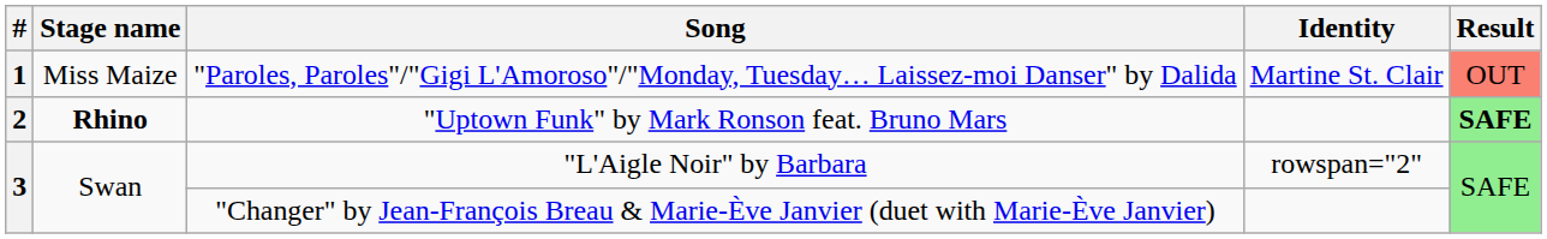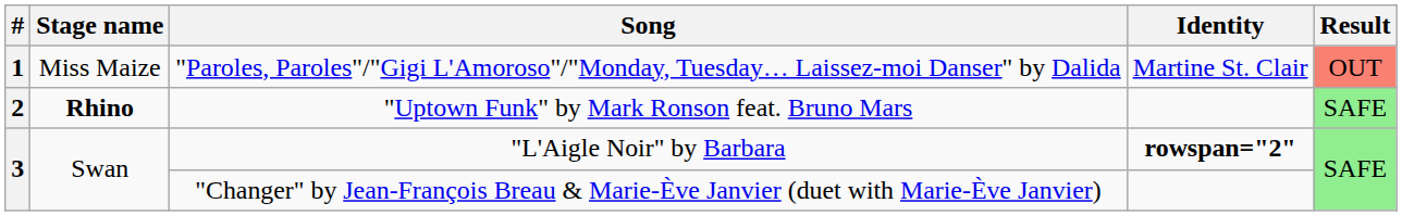 <table class="wikitable plainrowheaders" style="text-align: center;">
 <tr>
 <th>#</th>
 <th>Stage name</th>
 <th>Song</th>
 <th>Identity</th>
 <th>Result</th>
 </tr>
 <tr>
 <th>1</th>
 <td>Miss Maize</td>
 <td>"<a href='#'>Paroles, Paroles</a>"/"<a href='#'>Gigi L'Amoroso</a>"/"<a href='#'>Monday, Tuesday… Laissez‐moi Danser</a>" by <a href='#'>Dalida</a></td>
 <td><a href='#'>Martine St. Clair</a></td>
 <td bgcolor="salmon">OUT</td>
 </tr>
 <tr>
 <th>2</th>
 <td><strong>Rhino</strong></td>
 <td>"<a href='#'>Uptown Funk</a>" by <a href='#'>Mark Ronson</a> feat. <a href='#'>Bruno Mars</a></td>
 <td></td>
-<td bgcolor="lightgreen"><strong>SAFE</strong></td>
+<td bgcolor="lightgreen">SAFE</td>
 </tr>
 <tr>
 <th rowspan="2">3</th>
 <td rowspan="2">Swan</td>
 <td>"L'Aigle Noir" by <a href='#'>Barbara</a></td>
-<td>rowspan="2" </td>
+<td><strong>rowspan="2" </strong></td>
 <td rowspan="2" bgcolor="lightgreen">SAFE</td>
 </tr>
 <tr>
 <td>"Changer" by <a href='#'>Jean-François Breau</a> & <a href='#'>Marie-Ève Janvier</a> (duet with <a href='#'>Marie-Ève Janvier</a>)</td>
 </tr>
 </table>
